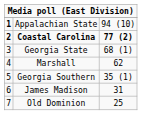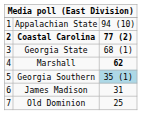 <table class="wikitable" style="display: inline-table;">
 <tr>
 <td align="center" Colspan="3"><strong>Media poll (East Division)</strong></td>
 </tr>
 <tr align="center">
 </tr>
 <tr align="center">
-<td><strong>1</strong></td>
+<td>1</td>
 <td>Appalachian State</td>
 <td>94 (10)</td>
 </tr>
 <tr align="center">
 <td><strong>2</strong></td>
 <td><strong>Coastal Carolina</strong></td>
 <td><strong>77 (2)</strong></td>
 </tr>
 <tr align="center">
 <td>3</td>
 <td>Georgia State</td>
 <td>68 (1)</td>
 </tr>
 <tr align="center">
 <td>4</td>
 <td>Marshall</td>
-<td>62</td>
+<td><strong>62</strong></td>
 </tr>
 <tr align="center">
 <td>5</td>
 <td>Georgia Southern</td>
-<td>35 (1)</td>
+<td style="background: lightblue;">35 (1)</td>
 </tr>
 <tr align="center">
 <td>6</td>
 <td>James Madison</td>
 <td>31</td>
 </tr>
 <tr align="center">
 <td>7</td>
 <td>Old Dominion</td>
 <td>25</td>
 </tr>
 </table>
